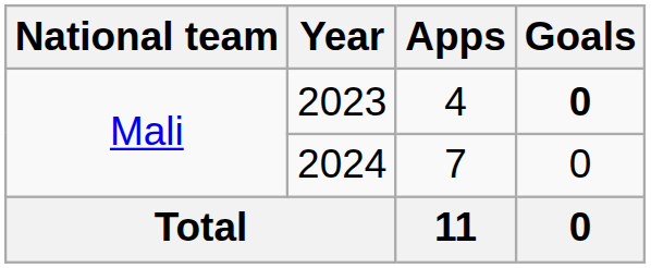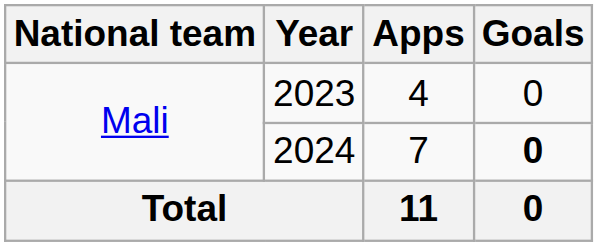 <table class="wikitable" style="text-align:center">
 <tr>
 <th>National team</th>
 <th>Year</th>
 <th>Apps</th>
 <th>Goals</th>
 </tr>
 <tr>
 <td rowspan="2"><a href='#'>Mali</a></td>
 <td>2023</td>
 <td>4</td>
-<td><strong>0</strong></td>
+<td>0</td>
 </tr>
 <tr>
 <td>2024</td>
 <td>7</td>
-<td>0</td>
+<td><strong>0</strong></td>
 </tr>
 <tr>
 <th colspan="2">Total</th>
 <th>11</th>
 <th>0</th>
 </tr>
 </table>
